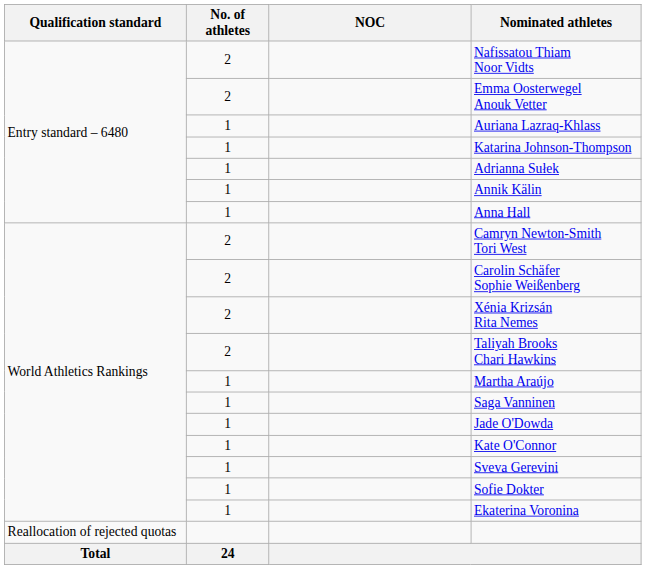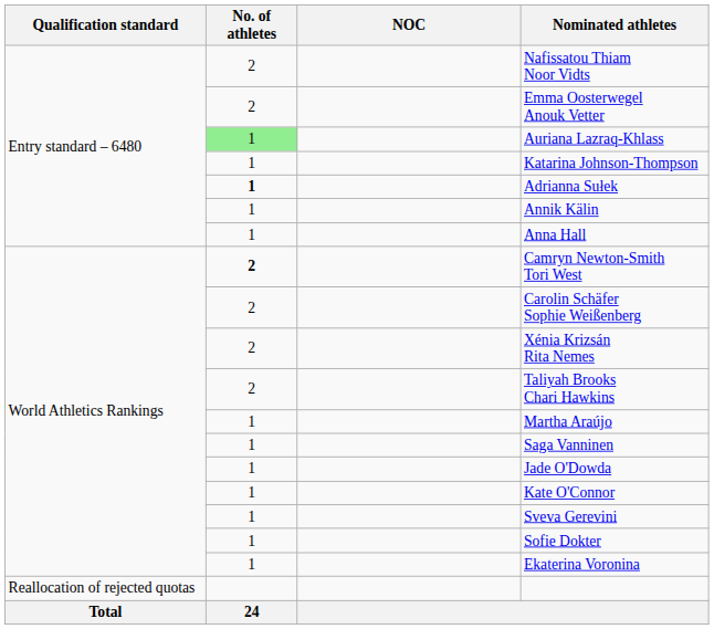 <table class="wikitable sortable" style="text-align:left; width:750px;">
 <tr>
 <th>Qualification standard</th>
 <th width=90>No. of athletes</th>
 <th width=230>NOC</th>
 <th>Nominated athletes</th>
 </tr>
 <tr>
 <td rowspan=7>Entry standard – 6480</td>
 <td align=center>2</td>
 <td></td>
 <td><a href='#'>Nafissatou Thiam</a><br><a href='#'>Noor Vidts</a></td>
 </tr>
 <tr>
 <td align=center>2</td>
 <td></td>
 <td><a href='#'>Emma Oosterwegel</a><br><a href='#'>Anouk Vetter</a></td>
 </tr>
 <tr>
-<td align=center>1</td>
+<td align=center style="background: lightgreen;">1</td>
 <td></td>
 <td><a href='#'>Auriana Lazraq-Khlass</a></td>
 </tr>
 <tr>
 <td align=center>1</td>
 <td></td>
 <td><a href='#'>Katarina Johnson-Thompson</a></td>
 </tr>
 <tr>
-<td align=center>1</td>
+<td align=center><strong>1</strong></td>
 <td></td>
 <td><a href='#'>Adrianna Sułek</a></td>
 </tr>
 <tr>
 <td align=center>1</td>
 <td></td>
 <td><a href='#'>Annik Kälin</a></td>
 </tr>
 <tr>
 <td align=center>1</td>
 <td></td>
 <td><a href='#'>Anna Hall</a></td>
 </tr>
 <tr>
 <td rowspan=11>World Athletics Rankings</td>
-<td align=center>2</td>
+<td align=center><strong>2</strong></td>
 <td></td>
 <td><a href='#'>Camryn Newton-Smith</a><br><a href='#'>Tori West</a></td>
 </tr>
 <tr>
 <td align=center>2</td>
 <td></td>
 <td><a href='#'>Carolin Schäfer</a><br><a href='#'>Sophie Weißenberg</a></td>
 </tr>
 <tr>
 <td align=center>2</td>
 <td></td>
 <td><a href='#'>Xénia Krizsán</a><br><a href='#'>Rita Nemes</a></td>
 </tr>
 <tr>
 <td align=center>2</td>
 <td></td>
 <td><a href='#'>Taliyah Brooks</a><br><a href='#'>Chari Hawkins</a></td>
 </tr>
 <tr>
 <td align=center>1</td>
 <td></td>
 <td><a href='#'>Martha Araújo</a></td>
 </tr>
 <tr>
 <td align=center>1</td>
 <td></td>
 <td><a href='#'>Saga Vanninen</a></td>
 </tr>
 <tr>
 <td align=center>1</td>
 <td></td>
 <td><a href='#'>Jade O'Dowda</a></td>
 </tr>
 <tr>
 <td align=center>1</td>
 <td></td>
 <td><a href='#'>Kate O'Connor</a></td>
 </tr>
 <tr>
 <td align=center>1</td>
 <td></td>
 <td><a href='#'>Sveva Gerevini</a></td>
 </tr>
 <tr>
 <td align=center>1</td>
 <td></td>
 <td><a href='#'>Sofie Dokter</a></td>
 </tr>
 <tr>
 <td align=center>1</td>
 <td></td>
 <td><a href='#'>Ekaterina Voronina</a></td>
 </tr>
 <tr>
 <td>Reallocation of rejected quotas</td>
 <td align=center></td>
 <td></td>
 <td></td>
 </tr>
 <tr>
 <th>Total</th>
 <th>24</th>
 <th colspan=2></th>
 </tr>
 </table>
